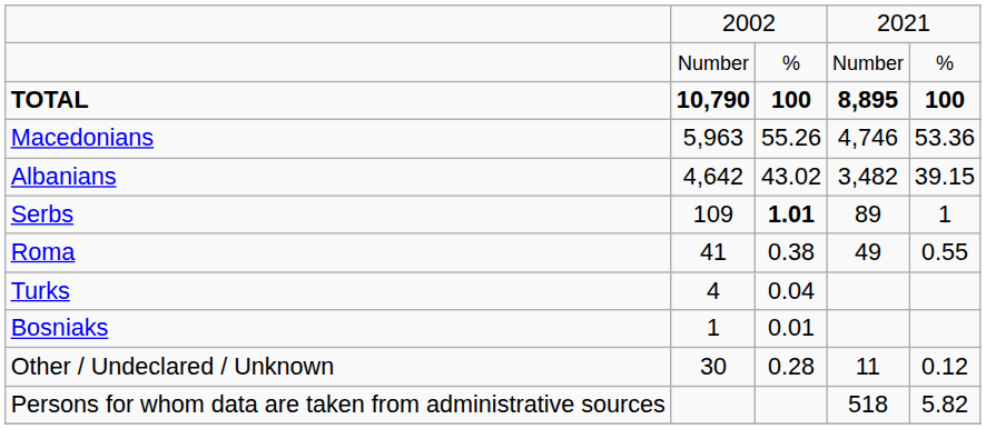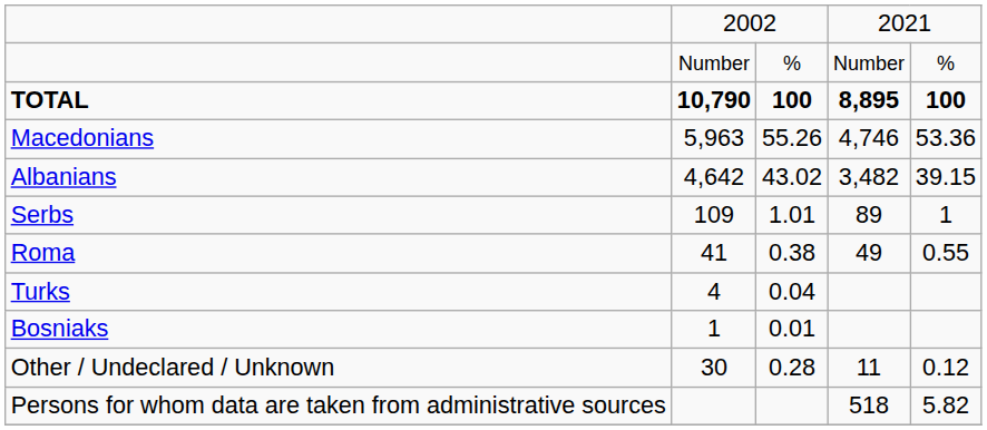 <table class="wikitable">
 <tr>
 <td></td>
 <td colspan="2" align="center">2002</td>
 <td colspan="2" align="center">2021</td>
 </tr>
 <tr>
 <td></td>
 <td align="center"><small>Number</small></td>
 <td align="center"><small>%</small></td>
 <td align="center"><small>Number</small></td>
 <td align="center"><small>%</small></td>
 </tr>
 <tr>
 <td><strong>TOTAL</strong></td>
 <td align="center"><strong>10,790</strong></td>
 <td align="center"><strong>100</strong></td>
 <td align="center"><strong>8,895</strong></td>
 <td align="center"><strong>100</strong></td>
 </tr>
 <tr>
 <td><a href='#'>Macedonians</a></td>
 <td align="center">5,963</td>
 <td align="center">55.26</td>
 <td align="center">4,746</td>
 <td align="center">53.36</td>
 </tr>
 <tr>
 <td><a href='#'>Albanians</a></td>
 <td align="center">4,642</td>
 <td align="center">43.02</td>
 <td align="center">3,482</td>
 <td align="center">39.15</td>
 </tr>
 <tr>
 <td><a href='#'>Serbs</a></td>
 <td align="center">109</td>
-<td align="center"><strong>1.01</strong></td>
+<td align="center">1.01</td>
 <td align="center">89</td>
 <td align="center">1</td>
 </tr>
 <tr>
 <td><a href='#'>Roma</a></td>
 <td align="center">41</td>
 <td align="center">0.38</td>
 <td align="center">49</td>
 <td align="center">0.55</td>
 </tr>
 <tr>
 <td><a href='#'>Turks</a></td>
 <td align="center">4</td>
 <td align="center">0.04</td>
 <td align="center"></td>
 <td align="center"></td>
 </tr>
 <tr>
 <td><a href='#'>Bosniaks</a></td>
 <td align="center">1</td>
 <td align="center">0.01</td>
 <td align="center"></td>
 <td align="center"></td>
 </tr>
 <tr>
 <td>Other / Undeclared / Unknown</td>
 <td align="center">30</td>
 <td align="center">0.28</td>
 <td align="center">11</td>
 <td align="center">0.12</td>
 </tr>
 <tr>
 <td>Persons for whom data are taken from administrative sources</td>
 <td align="center"></td>
 <td align="center"></td>
 <td align="center">518</td>
 <td align="center">5.82</td>
 </tr>
 <tr>
 </tr>
 </table>
